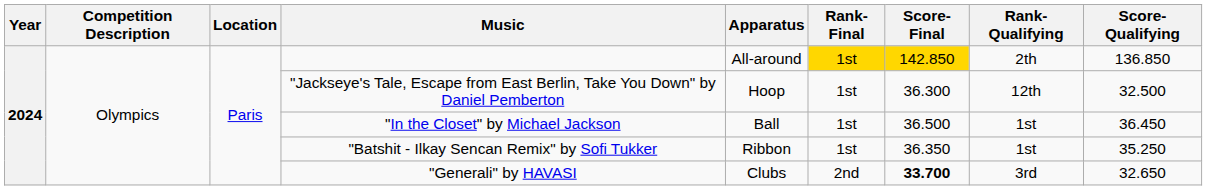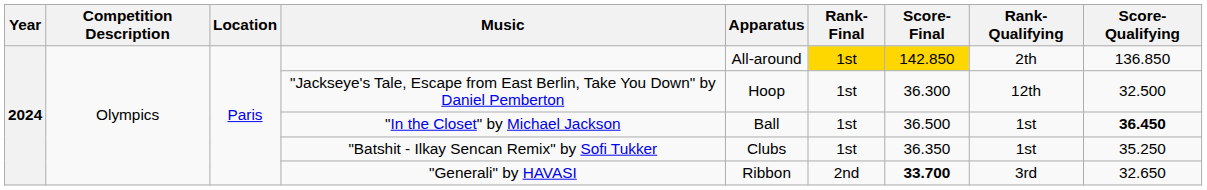 <table class="wikitable" style="text-align:center">
 <tr>
 <th>Year</th>
 <th>Competition Description</th>
 <th>Location</th>
 <th>Music</th>
 <th>Apparatus</th>
 <th>Rank-Final</th>
 <th>Score-Final</th>
 <th>Rank-Qualifying</th>
 <th>Score-Qualifying</th>
 </tr>
 <tr>
 <th rowspan="5">2024</th>
 <td rowspan="5">Olympics</td>
 <td rowspan="5"><a href='#'>Paris</a></td>
 <td></td>
 <td>All-around</td>
 <td bgcolor=gold>1st</td>
 <td bgcolor=gold>142.850</td>
 <td>2th</td>
 <td>136.850</td>
 </tr>
 <tr>
 <td>"Jackseye's Tale, Escape from East Berlin, Take You Down" by <a href='#'>Daniel Pemberton</a></td>
 <td>Hoop</td>
 <td>1st</td>
 <td>36.300</td>
 <td>12th</td>
 <td>32.500</td>
 </tr>
 <tr>
 <td>"<a href='#'>In the Closet</a>" by <a href='#'>Michael Jackson</a></td>
 <td>Ball</td>
 <td>1st</td>
 <td>36.500</td>
 <td>1st</td>
-<td>36.450</td>
+<td><strong>36.450</strong></td>
 </tr>
 <tr>
 <td>"Batshit - Ilkay Sencan Remix" by <a href='#'>Sofi Tukker</a></td>
-<td>Ribbon</td>
+<td>Clubs</td>
 <td>1st</td>
 <td>36.350</td>
 <td>1st</td>
 <td>35.250</td>
 </tr>
 <tr>
 <td>"Generali" by <a href='#'>HAVASI</a></td>
-<td>Clubs</td>
+<td>Ribbon</td>
 <td>2nd</td>
 <td><strong>33.700</strong></td>
 <td>3rd</td>
 <td>32.650</td>
 </tr>
 </table>
